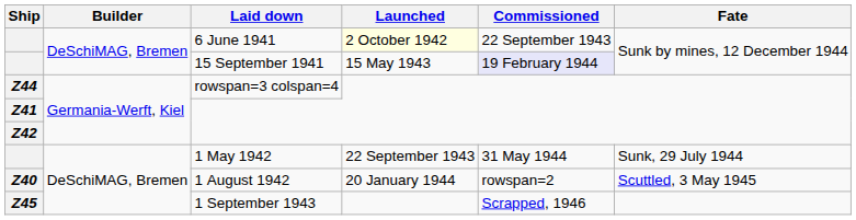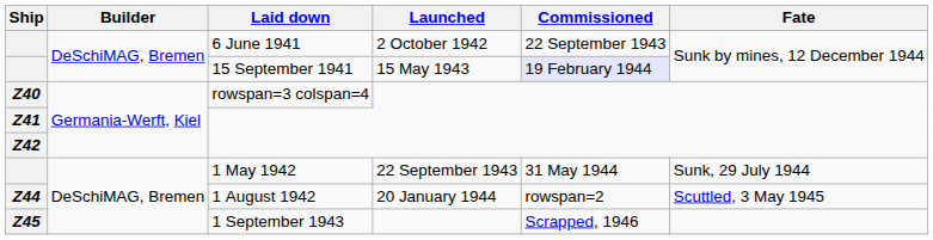 <table class="wikitable sortable plainrowheaders">
 <tr>
 <th scope="col">Ship</th>
 <th scope="col">Builder</th>
 <th scope="col"><a href='#'>Laid down</a></th>
 <th scope="col"><a href='#'>Launched</a></th>
 <th scope="col"><a href='#'>Commissioned</a></th>
 <th scope="col">Fate</th>
 </tr>
 <tr>
 <th scope="row"></th>
 <td rowspan=2><a href='#'>DeSchiMAG</a>, <a href='#'>Bremen</a></td>
 <td>6 June 1941</td>
-<td style="background: lightyellow;">2 October 1942</td>
+<td>2 October 1942</td>
 <td>22 September 1943</td>
 <td rowspan=2 data-sort-value="12 December 1944">Sunk by mines, 12 December 1944</td>
 </tr>
 <tr>
 <th scope="row"></th>
 <td>15 September 1941</td>
 <td>15 May 1943</td>
 <td style="background: lavender;">19 February 1944</td>
 </tr>
 <tr>
-<th scope="row"><em>Z44</em></th>
+<th scope="row"><em>Z40</em></th>
 <td rowspan=3><a href='#'>Germania-Werft</a>, <a href='#'>Kiel</a></td>
 <td>rowspan=3 colspan=4 </td>
 </tr>
 <tr>
 <th scope="row"><em>Z41</em></th>
 </tr>
 <tr>
 <th scope="row"><em>Z42</em></th>
 </tr>
 <tr>
 <th scope="row"></th>
 <td rowspan=3>DeSchiMAG, Bremen</td>
 <td>1 May 1942</td>
 <td>22 September 1943</td>
 <td>31 May 1944</td>
 <td data-sort-value="29 July 1944">Sunk, 29 July 1944</td>
 </tr>
 <tr>
-<th scope="row"><em>Z40</em></th>
+<th scope="row"><em>Z44</em></th>
 <td>1 August 1942</td>
 <td>20 January 1944</td>
 <td>rowspan=2 </td>
 <td data-sort-value="3 May 1945"><a href='#'>Scuttled</a>, 3 May 1945</td>
 </tr>
 <tr>
 <th scope="row"><em>Z45</em></th>
 <td>1 September 1943</td>
 <td></td>
 <td data-sort-value="1946"><a href='#'>Scrapped</a>, 1946</td>
 </tr>
 </table>
